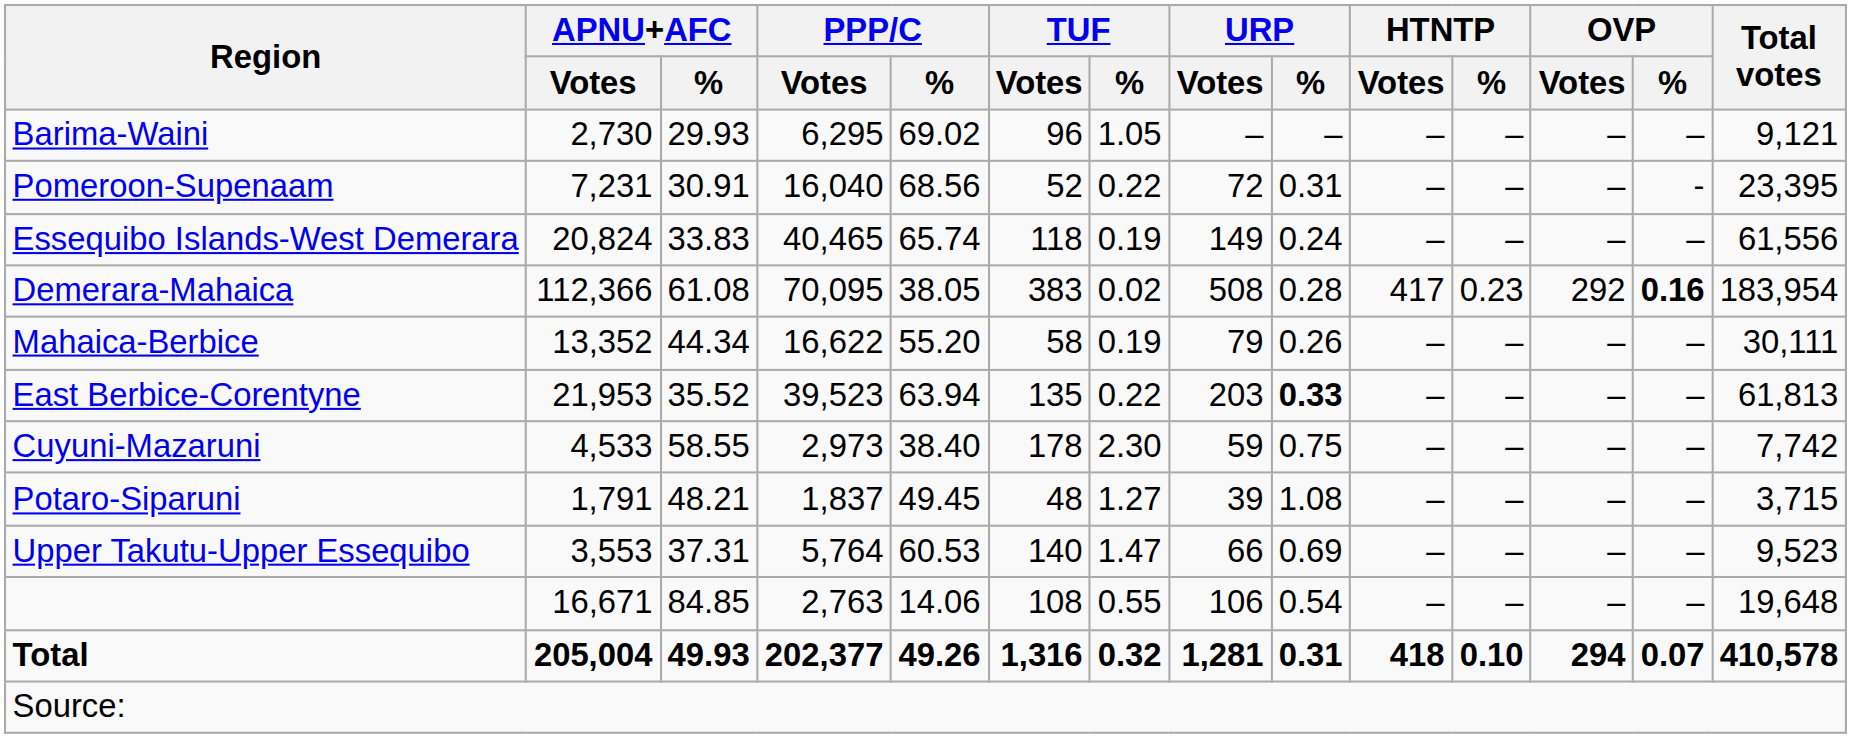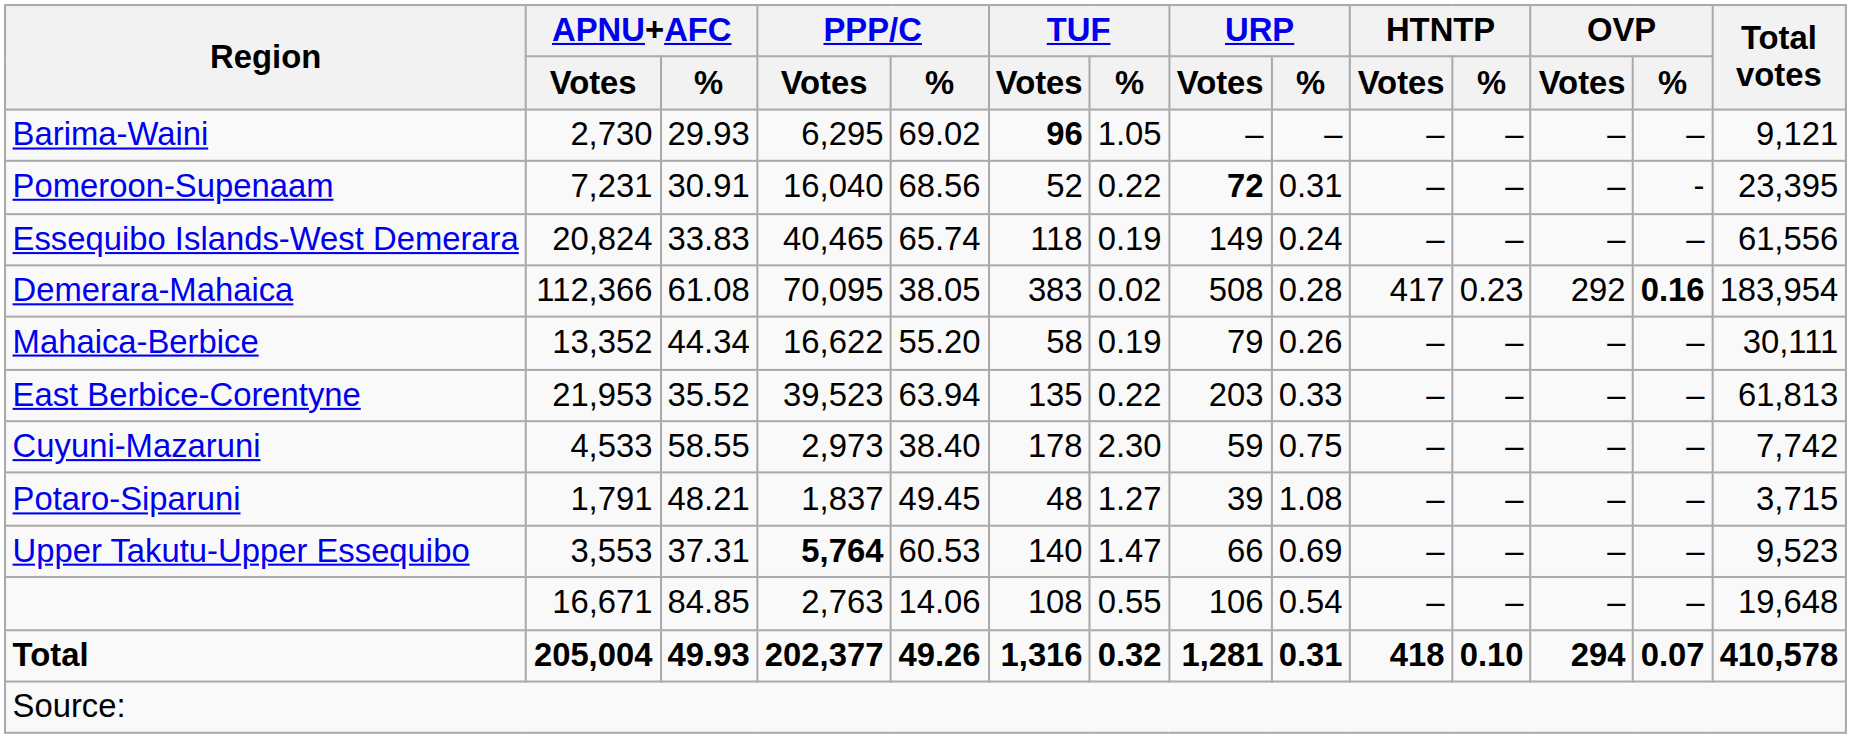 <table class="wikitable sortable" style=text-align:right>
 <tr>
 <th rowspan=2>Region</th>
 <th colspan=2><a href='#'>APNU</a>+<a href='#'>AFC</a></th>
 <th colspan=2><a href='#'>PPP/C</a></th>
 <th colspan=2><a href='#'>TUF</a></th>
 <th colspan=2><a href='#'>URP</a></th>
 <th colspan=2><abbr>HTNTP</abbr></th>
 <th colspan=2><abbr>OVP</abbr></th>
 <th rowspan=2>Total<br>votes</th>
 </tr>
 <tr>
 <th>Votes</th>
 <th>%</th>
 <th>Votes</th>
 <th>%</th>
 <th>Votes</th>
 <th>%</th>
 <th>Votes</th>
 <th>%</th>
 <th>Votes</th>
 <th>%</th>
 <th>Votes</th>
 <th>%</th>
 </tr>
 <tr>
 <td align=left><a href='#'>Barima-Waini</a></td>
 <td>2,730</td>
 <td>29.93</td>
 <td>6,295</td>
 <td>69.02</td>
-<td>96</td>
+<td><strong>96</strong></td>
 <td>1.05</td>
 <td>–</td>
 <td>–</td>
 <td>–</td>
 <td>–</td>
 <td>–</td>
 <td>–</td>
 <td>9,121</td>
 </tr>
 <tr>
 <td align=left><a href='#'>Pomeroon-Supenaam</a></td>
 <td>7,231</td>
 <td>30.91</td>
 <td>16,040</td>
 <td>68.56</td>
 <td>52</td>
 <td>0.22</td>
-<td>72</td>
+<td><strong>72</strong></td>
 <td>0.31</td>
 <td>–</td>
 <td>–</td>
 <td>–</td>
 <td>-</td>
 <td ->23,395</td>
 </tr>
 <tr>
 <td align=left><a href='#'>Essequibo Islands-West Demerara</a></td>
 <td>20,824</td>
 <td>33.83</td>
 <td>40,465</td>
 <td>65.74</td>
 <td>118</td>
 <td>0.19</td>
 <td>149</td>
 <td>0.24</td>
 <td>–</td>
 <td>–</td>
 <td>–</td>
 <td>–</td>
 <td>61,556</td>
 </tr>
 <tr>
 <td align=left><a href='#'>Demerara-Mahaica</a></td>
 <td>112,366</td>
 <td>61.08</td>
 <td>70,095</td>
 <td>38.05</td>
 <td>383</td>
 <td>0.02</td>
 <td>508</td>
 <td>0.28</td>
 <td>417</td>
 <td>0.23</td>
 <td>292</td>
 <td><strong>0.16</strong></td>
 <td>183,954</td>
 </tr>
 <tr>
 <td align=left><a href='#'>Mahaica-Berbice</a></td>
 <td>13,352</td>
 <td>44.34</td>
 <td>16,622</td>
 <td>55.20</td>
 <td>58</td>
 <td>0.19</td>
 <td>79</td>
 <td>0.26</td>
 <td>–</td>
 <td>–</td>
 <td>–</td>
 <td>–</td>
 <td>30,111</td>
 </tr>
 <tr>
 <td align=left><a href='#'>East Berbice-Corentyne</a></td>
 <td>21,953</td>
 <td>35.52</td>
 <td>39,523</td>
 <td>63.94</td>
 <td>135</td>
 <td>0.22</td>
 <td>203</td>
-<td><strong>0.33</strong></td>
+<td>0.33</td>
 <td>–</td>
 <td>–</td>
 <td>–</td>
 <td>–</td>
 <td>61,813</td>
 </tr>
 <tr>
 <td align=left><a href='#'>Cuyuni-Mazaruni</a></td>
 <td>4,533</td>
 <td>58.55</td>
 <td>2,973</td>
 <td>38.40</td>
 <td>178</td>
 <td>2.30</td>
 <td>59</td>
 <td>0.75</td>
 <td>–</td>
 <td>–</td>
 <td>–</td>
 <td>–</td>
 <td>7,742</td>
 </tr>
 <tr>
 <td align=left><a href='#'>Potaro-Siparuni</a></td>
 <td>1,791</td>
 <td>48.21</td>
 <td>1,837</td>
 <td>49.45</td>
 <td>48</td>
 <td>1.27</td>
 <td>39</td>
 <td>1.08</td>
 <td>–</td>
 <td>–</td>
 <td>–</td>
 <td>–</td>
 <td>3,715</td>
 </tr>
 <tr>
 <td align=left><a href='#'>Upper Takutu-Upper Essequibo</a></td>
 <td>3,553</td>
 <td>37.31</td>
-<td>5,764</td>
+<td><strong>5,764</strong></td>
 <td>60.53</td>
 <td>140</td>
 <td>1.47</td>
 <td>66</td>
 <td>0.69</td>
 <td>–</td>
 <td>–</td>
 <td>–</td>
 <td>–</td>
 <td>9,523</td>
 </tr>
 <tr>
 <td align=left></td>
 <td>16,671</td>
 <td>84.85</td>
 <td>2,763</td>
 <td>14.06</td>
 <td>108</td>
 <td>0.55</td>
 <td>106</td>
 <td>0.54</td>
 <td>–</td>
 <td>–</td>
 <td>–</td>
 <td>–</td>
 <td>19,648</td>
 </tr>
 <tr class=sortbottom>
 <td align=left><strong>Total</strong></td>
 <td><strong>205,004</strong></td>
 <td><strong>49.93</strong></td>
 <td><strong>202,377</strong></td>
 <td><strong>49.26</strong></td>
 <td><strong>1,316</strong></td>
 <td><strong>0.32</strong></td>
 <td><strong>1,281</strong></td>
 <td><strong>0.31</strong></td>
 <td><strong>418</strong></td>
 <td><strong>0.10</strong></td>
 <td><strong>294</strong></td>
 <td><strong>0.07</strong></td>
 <td><strong>410,578</strong></td>
 </tr>
 <tr class=sortbottom>
 <td align=left colspan=21>Source: </td>
 </tr>
 </table>
